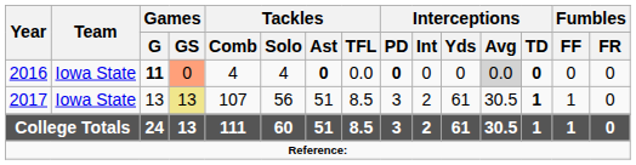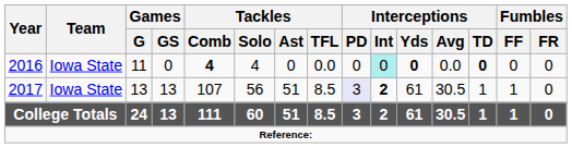 <table class="wikitable" style="text-align:center;">
 <tr>
 <th rowspan="2">Year</th>
 <th rowspan="2">Team</th>
 <th colspan="2">Games</th>
 <th colspan="4">Tackles</th>
 <th colspan="5">Interceptions</th>
 <th colspan="2">Fumbles</th>
 </tr>
 <tr>
 <th>G</th>
 <th>GS</th>
 <th>Comb</th>
 <th>Solo</th>
 <th>Ast</th>
 <th>TFL</th>
 <th>PD</th>
 <th>Int</th>
 <th>Yds</th>
 <th>Avg</th>
 <th>TD</th>
 <th>FF</th>
 <th>FR</th>
 </tr>
 <tr>
 <td><a href='#'>2016</a></td>
 <td><a href='#'>Iowa State</a></td>
-<td><strong>11</strong></td>
-<td style="background: lightsalmon;">0</td>
+<td>11</td>
+<td>0</td>
+<td><strong>4</strong></td>
 <td>4</td>
-<td>4</td>
+<td>0</td>
+<td>0.0</td>
+<td>0</td>
+<td style="background: paleturquoise;">0</td>
 <td><strong>0</strong></td>
 <td>0.0</td>
-<td><strong>0</strong></td>
-<td>0</td>
-<td>0</td>
-<td style="background: lightgrey;">0.0</td>
 <td><strong>0</strong></td>
 <td>0</td>
 <td>0</td>
 </tr>
 <tr>
 <td><a href='#'>2017</a></td>
 <td><a href='#'>Iowa State</a></td>
 <td>13</td>
-<td style="background: khaki;">13</td>
+<td>13</td>
 <td>107</td>
 <td>56</td>
 <td>51</td>
 <td>8.5</td>
-<td>3</td>
-<td>2</td>
+<td style="background: lavender;">3</td>
+<td><strong>2</strong></td>
 <td>61</td>
 <td>30.5</td>
-<td><strong>1</strong></td>
+<td>1</td>
 <td>1</td>
 <td>0</td>
 </tr>
 <tr>
 </tr>
 <tr style="background:#555; font-weight:bold; color:white;">
 <td colspan=2>College Totals</td>
 <td>24</td>
 <td>13</td>
 <td>111</td>
 <td>60</td>
 <td>51</td>
 <td>8.5</td>
 <td>3</td>
 <td>2</td>
 <td>61</td>
 <td>30.5</td>
 <td>1</td>
 <td>1</td>
 <td>0</td>
 </tr>
 <tr>
 <td colspan="16"  style="font-size:8pt; text-align:center;"><strong>Reference:</strong></td>
 </tr>
 </table>
